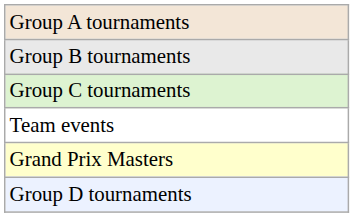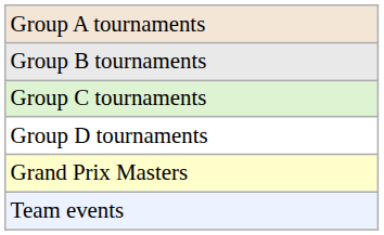 <table class="wikitable" style="font-size:90%; width:12%;">
 <tr style="background:#F3E6D7;">
 <td>Group A tournaments</td>
 </tr>
 <tr style="background:#E9E9E9;">
 <td>Group B tournaments</td>
 </tr>
 <tr style="background:#DDF3D1;">
 <td>Group C tournaments</td>
 </tr>
 <tr style="background:#FFF;">
-<td>Team events</td>
+<td>Group D tournaments</td>
 </tr>
 <tr style="background:#FFC;">
 <td>Grand Prix Masters</td>
 </tr>
 <tr style="background:#ECF2FF;">
-<td>Group D tournaments</td>
+<td>Team events</td>
 </tr>
 </table>
